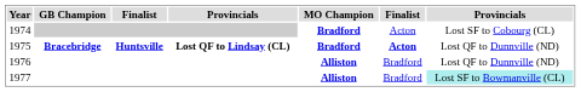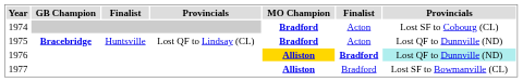 <table cellpadding="1" width="760px" style="font-size: 90%; border: 1px solid gray;">
 <tr align="center" bgcolor="#dddddd">
 <td><strong>Year</strong></td>
 <td><strong>GB Champion</strong></td>
 <td><strong>Finalist</strong></td>
 <td><strong>Provincials</strong></td>
 <td><strong>MO Champion</strong></td>
 <td><strong>Finalist</strong></td>
 <td><strong>Provincials</strong></td>
 </tr>
 <tr align="center">
 <td>1974</td>
 <td colspan="3" bgcolor="#cccccc"></td>
 <td><strong><a href='#'>Bradford</a></strong></td>
 <td><a href='#'>Acton</a></td>
 <td>Lost SF to <a href='#'>Cobourg</a> (CL)</td>
 </tr>
 <tr align="center">
 <td>1975</td>
 <td><strong><a href='#'>Bracebridge</a></strong></td>
-<td><strong><a href='#'>Huntsville</a></strong></td>
-<td><strong>Lost QF to <a href='#'>Lindsay</a> (CL)</strong></td>
+<td><a href='#'>Huntsville</a></td>
+<td>Lost QF to <a href='#'>Lindsay</a> (CL)</td>
 <td><strong><a href='#'>Bradford</a></strong></td>
-<td><strong><a href='#'>Acton</a></strong></td>
+<td><a href='#'>Acton</a></td>
 <td>Lost QF to <a href='#'>Dunnville</a> (ND)</td>
 </tr>
 <tr align="center">
 <td>1976</td>
 <td></td>
 <td></td>
 <td></td>
-<td><strong><a href='#'>Alliston</a></strong></td>
-<td><a href='#'>Bradford</a></td>
-<td>Lost QF to <a href='#'>Dunnville</a> (ND)</td>
+<td style="background: gold;"><strong><a href='#'>Alliston</a></strong></td>
+<td><strong><a href='#'>Bradford</a></strong></td>
+<td style="background: paleturquoise;">Lost QF to <a href='#'>Dunnville</a> (ND)</td>
 </tr>
 <tr align="center">
 <td>1977</td>
 <td></td>
 <td></td>
 <td></td>
 <td><strong><a href='#'>Alliston</a></strong></td>
 <td><a href='#'>Bradford</a></td>
-<td style="background: paleturquoise;">Lost SF to <a href='#'>Bowmanville</a> (CL)</td>
+<td>Lost SF to <a href='#'>Bowmanville</a> (CL)</td>
 </tr>
 </table>
